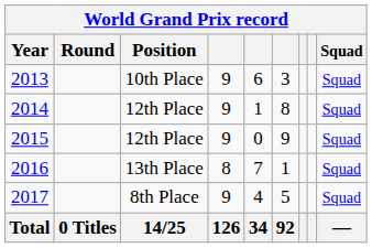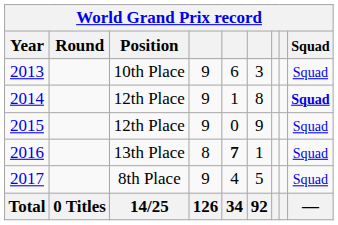 <table class="wikitable" style="text-align: center;">
 <tr>
 <th colspan=9><a href='#'>World Grand Prix record</a></th>
 </tr>
 <tr>
 <th>Year</th>
 <th>Round</th>
 <th>Position</th>
 <th></th>
 <th></th>
 <th></th>
 <th></th>
 <th></th>
 <th><small>Squad</small></th>
 </tr>
 <tr>
 <td> <a href='#'>2013</a></td>
 <td></td>
 <td>10th Place</td>
 <td>9</td>
 <td>6</td>
 <td>3</td>
 <td></td>
 <td></td>
 <td><small><a href='#'>Squad</a></small></td>
 </tr>
 <tr>
 <td> <a href='#'>2014</a></td>
 <td></td>
 <td>12th Place</td>
 <td>9</td>
 <td>1</td>
 <td>8</td>
 <td></td>
 <td></td>
-<td><small><a href='#'>Squad</a></small></td>
+<td><strong><small><a href='#'>Squad</a></small></strong></td>
 </tr>
 <tr>
 <td> <a href='#'>2015</a></td>
 <td></td>
 <td>12th Place</td>
 <td>9</td>
 <td>0</td>
 <td>9</td>
 <td></td>
 <td></td>
 <td><small><a href='#'>Squad</a></small></td>
 </tr>
 <tr>
 <td> <a href='#'>2016</a></td>
 <td></td>
 <td>13th Place</td>
 <td>8</td>
-<td>7</td>
+<td><strong>7</strong></td>
 <td>1</td>
 <td></td>
 <td></td>
 <td><small><a href='#'>Squad</a></small></td>
 </tr>
 <tr>
 <td> <a href='#'>2017</a></td>
 <td></td>
 <td>8th Place</td>
 <td>9</td>
 <td>4</td>
 <td>5</td>
 <td></td>
 <td></td>
 <td><small><a href='#'>Squad</a></small></td>
 </tr>
 <tr>
 <th>Total</th>
 <th>0 Titles</th>
 <th>14/25</th>
 <th>126</th>
 <th>34</th>
 <th>92</th>
 <th></th>
 <th></th>
 <th>—</th>
 </tr>
 </table>
